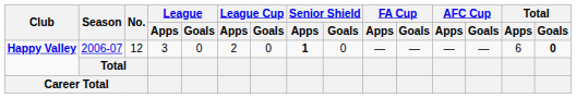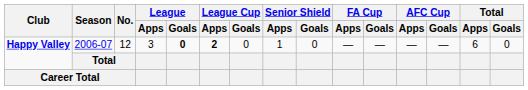 <table class="wikitable" style="text-align: center;">
 <tr>
 <th rowspan="2">Club</th>
 <th rowspan="2">Season</th>
 <th rowspan="2">No.</th>
 <th colspan="2"><a href='#'>League</a></th>
 <th colspan="2"><a href='#'>League Cup</a></th>
 <th colspan="2"><a href='#'>Senior Shield</a></th>
 <th colspan="2"><a href='#'>FA Cup</a></th>
 <th colspan="2"><a href='#'>AFC Cup</a></th>
 <th colspan="2">Total</th>
 </tr>
 <tr>
 <th>Apps</th>
 <th>Goals</th>
 <th>Apps</th>
 <th>Goals</th>
 <th>Apps</th>
 <th>Goals</th>
 <th>Apps</th>
 <th>Goals</th>
 <th>Apps</th>
 <th>Goals</th>
 <th>Apps</th>
 <th>Goals</th>
 </tr>
 <tr>
 <td rowspan="2" valign="top"><strong><a href='#'>Happy Valley</a></strong></td>
 <td><a href='#'>2006-07</a></td>
 <td>12</td>
 <td>3</td>
+<td><strong>0</strong></td>
+<td><strong>2</strong></td>
 <td>0</td>
-<td>2</td>
-<td>0</td>
-<td><strong>1</strong></td>
+<td>1</td>
 <td>0</td>
 <td>—</td>
 <td>—</td>
 <td>—</td>
 <td>—</td>
 <td>6</td>
-<td><strong>0</strong></td>
+<td>0</td>
 </tr>
 <tr>
 <th colspan="2">Total</th>
 <th></th>
 <th></th>
 <th></th>
 <th></th>
 <th></th>
 <th></th>
 <th></th>
 <th></th>
 <th></th>
 <th></th>
 <th></th>
 <th></th>
 </tr>
 <tr>
 <th colspan="3">Career Total</th>
 <th></th>
 <th></th>
 <th></th>
 <th></th>
 <th></th>
 <th></th>
 <th></th>
 <th></th>
 <th></th>
 <th></th>
 <th></th>
 <th></th>
 </tr>
 </table>
